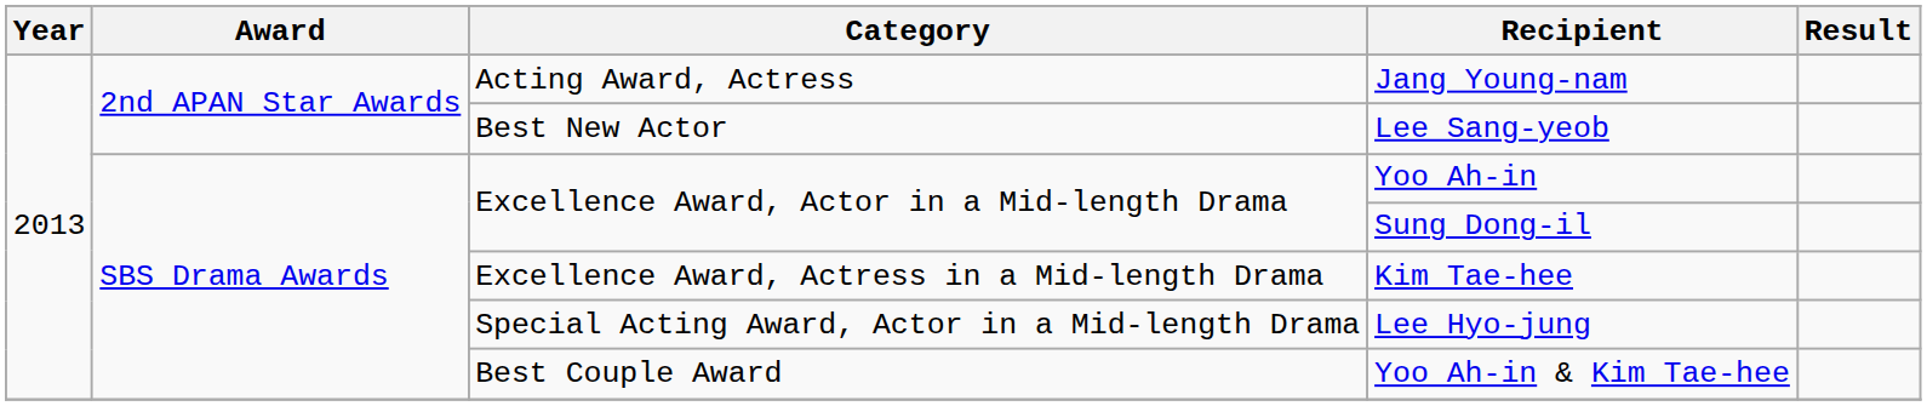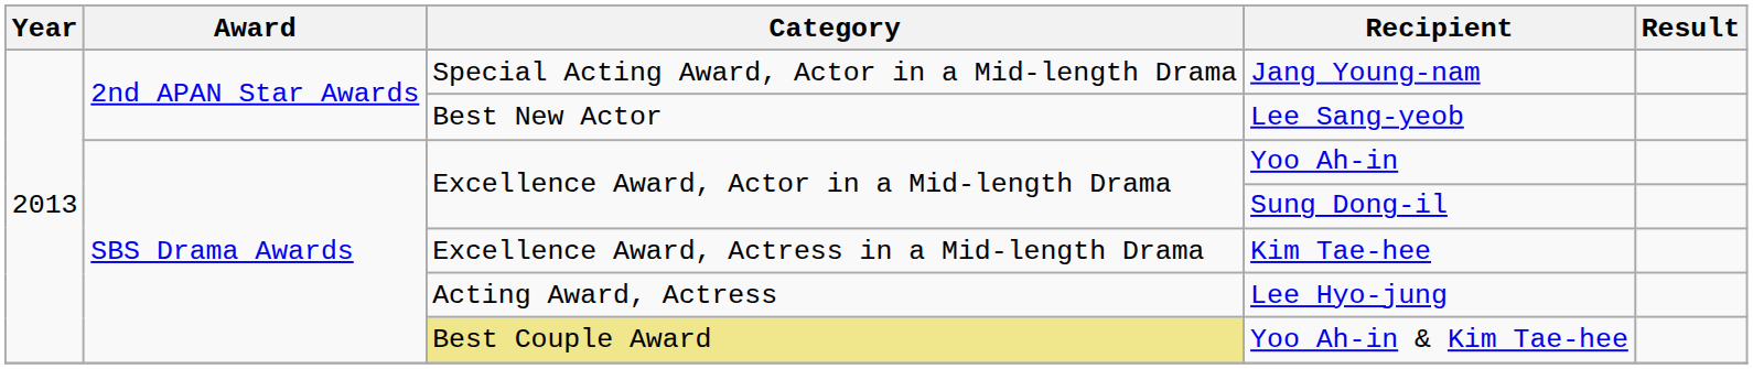 <table class="wikitable">
 <tr>
 <th>Year</th>
 <th>Award</th>
 <th>Category</th>
 <th>Recipient</th>
 <th>Result</th>
 </tr>
 <tr>
 <td rowspan=7>2013</td>
 <td rowspan=2><a href='#'>2nd APAN Star Awards</a></td>
-<td>Acting Award, Actress</td>
+<td>Special Acting Award, Actor in a Mid-length Drama</td>
 <td><a href='#'>Jang Young-nam</a></td>
 <td></td>
 </tr>
 <tr>
 <td>Best New Actor</td>
 <td><a href='#'>Lee Sang-yeob</a></td>
 <td></td>
 </tr>
 <tr>
 <td rowspan=5><a href='#'>SBS Drama Awards</a></td>
 <td rowspan=2>Excellence Award, Actor in a Mid-length Drama</td>
 <td><a href='#'>Yoo Ah-in</a></td>
 <td></td>
 </tr>
 <tr>
 <td><a href='#'>Sung Dong-il</a></td>
 <td></td>
 </tr>
 <tr>
 <td>Excellence Award, Actress in a Mid-length Drama</td>
 <td><a href='#'>Kim Tae-hee</a></td>
 <td></td>
 </tr>
 <tr>
-<td>Special Acting Award, Actor in a Mid-length Drama</td>
+<td>Acting Award, Actress</td>
 <td><a href='#'>Lee Hyo-jung</a></td>
 <td></td>
 </tr>
 <tr>
-<td>Best Couple Award</td>
+<td style="background: khaki;">Best Couple Award</td>
 <td><a href='#'>Yoo Ah-in</a> & <a href='#'>Kim Tae-hee</a></td>
 <td></td>
 </tr>
 <tr>
 </tr>
 </table>
